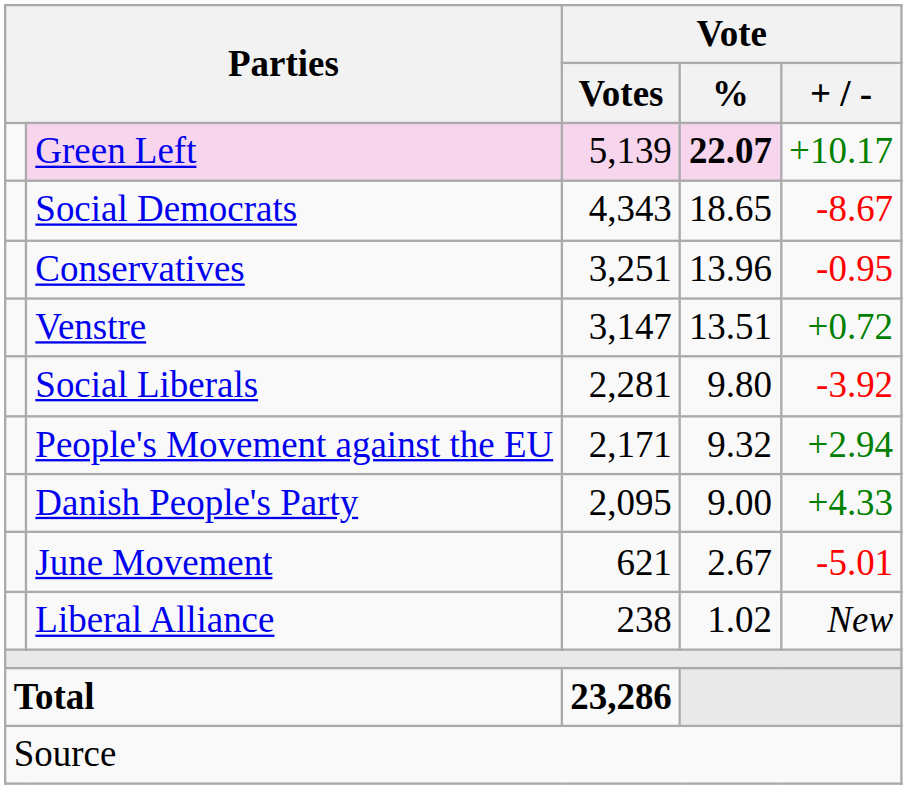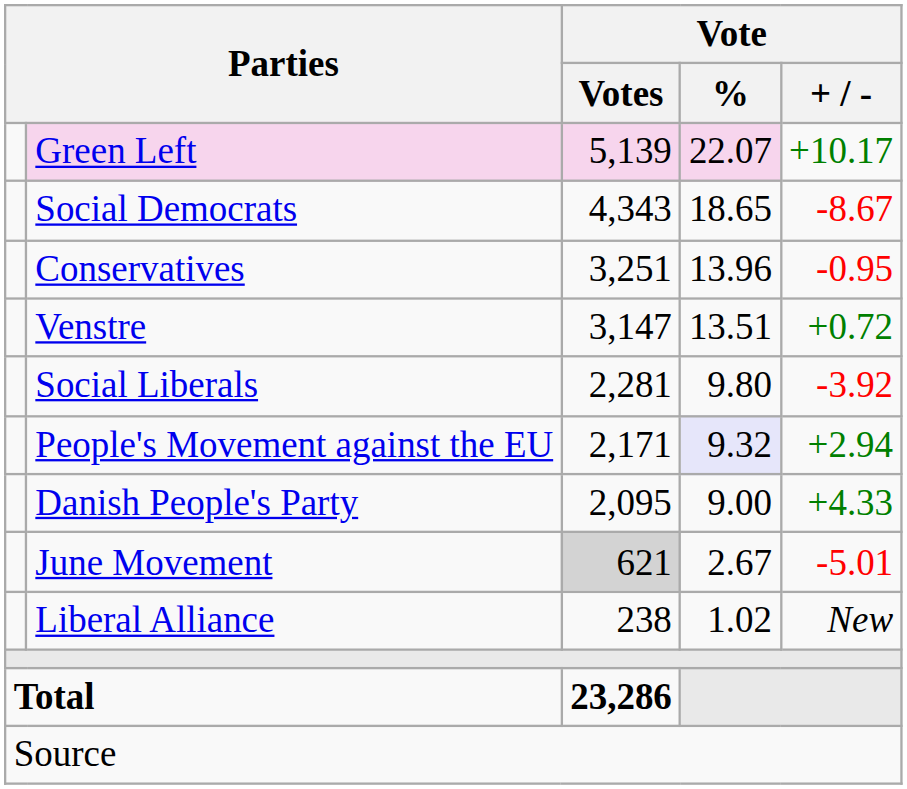 <table class="wikitable" style="text-align:right;">
 <tr>
 <th style="text-align:centre;" rowspan="2" colspan="2" width="225">Parties</th>
 <th colspan="3">Vote</th>
 </tr>
 <tr>
 <th width="15">Votes</th>
 <th width="15">%</th>
 <th width="15">+ / -</th>
 </tr>
 <tr>
 <td width="2" style="color:inherit;background:"></td>
 <td bgcolor=#f7d5ed   align="left"><a href='#'>Green Left</a></td>
 <td bgcolor=#f7d5ed>5,139</td>
-<td bgcolor=#f7d5ed><strong>22.07</strong></td>
+<td bgcolor=#f7d5ed>22.07</td>
 <td style=color:green;>+10.17</td>
 </tr>
 <tr>
 <td width="2" style="color:inherit;background:"></td>
 <td align="left"><a href='#'>Social Democrats</a></td>
 <td>4,343</td>
 <td>18.65</td>
 <td style=color:red;>-8.67</td>
 </tr>
 <tr>
 <td width="2" style="color:inherit;background:"></td>
 <td align="left"><a href='#'>Conservatives</a></td>
 <td>3,251</td>
 <td>13.96</td>
 <td style=color:red;>-0.95</td>
 </tr>
 <tr>
 <td width="2" style="color:inherit;background:"></td>
 <td align="left"><a href='#'>Venstre</a></td>
 <td>3,147</td>
 <td>13.51</td>
 <td style=color:green;>+0.72</td>
 </tr>
 <tr>
 <td width="2" style="color:inherit;background:"></td>
 <td align="left"><a href='#'>Social Liberals</a></td>
 <td>2,281</td>
 <td>9.80</td>
 <td style=color:red;>-3.92</td>
 </tr>
 <tr>
 <td width="2" style="color:inherit;background:"></td>
 <td align="left"><a href='#'>People's Movement against the EU</a></td>
 <td>2,171</td>
-<td>9.32</td>
+<td style="background: lavender;">9.32</td>
 <td style=color:green;>+2.94</td>
 </tr>
 <tr>
 <td width="2" style="color:inherit;background:"></td>
 <td align="left"><a href='#'>Danish People's Party</a></td>
 <td>2,095</td>
 <td>9.00</td>
 <td style=color:green;>+4.33</td>
 </tr>
 <tr>
 <td width="2" style="color:inherit;background:"></td>
 <td align="left"><a href='#'>June Movement</a></td>
-<td>621</td>
+<td style="background: lightgrey;">621</td>
 <td>2.67</td>
 <td style=color:red;>-5.01</td>
 </tr>
 <tr>
 <td width="2" style="color:inherit;background:"></td>
 <td align="left"><a href='#'>Liberal Alliance</a></td>
 <td>238</td>
 <td>1.02</td>
 <td><em>New</em></td>
 </tr>
 <tr>
 <td colspan="7" bgcolor="#E9E9E9"></td>
 </tr>
 <tr>
 <td align="left" colspan="2"><strong>Total</strong></td>
 <td><strong>23,286</strong></td>
 <td bgcolor="#E9E9E9" colspan="2"></td>
 </tr>
 <tr>
 <td align="left" colspan="6">Source</td>
 </tr>
 </table>
